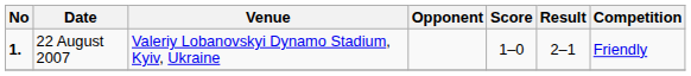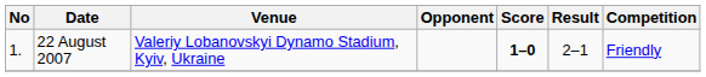 <table class="wikitable" style="font-size:85%;">
 <tr>
 <th>No</th>
 <th>Date</th>
 <th>Venue</th>
 <th>Opponent</th>
 <th>Score</th>
 <th>Result</th>
 <th>Competition</th>
 </tr>
 <tr>
-<td><strong>1.</strong></td>
+<td>1.</td>
 <td>22 August 2007</td>
 <td><a href='#'>Valeriy Lobanovskyi Dynamo Stadium</a>, <a href='#'>Kyiv</a>, <a href='#'>Ukraine</a></td>
 <td></td>
-<td align=center>1–0</td>
+<td align=center><strong>1–0</strong></td>
 <td align=center>2–1</td>
 <td><a href='#'>Friendly</a></td>
 </tr>
 <tr>
 </tr>
 </table>
